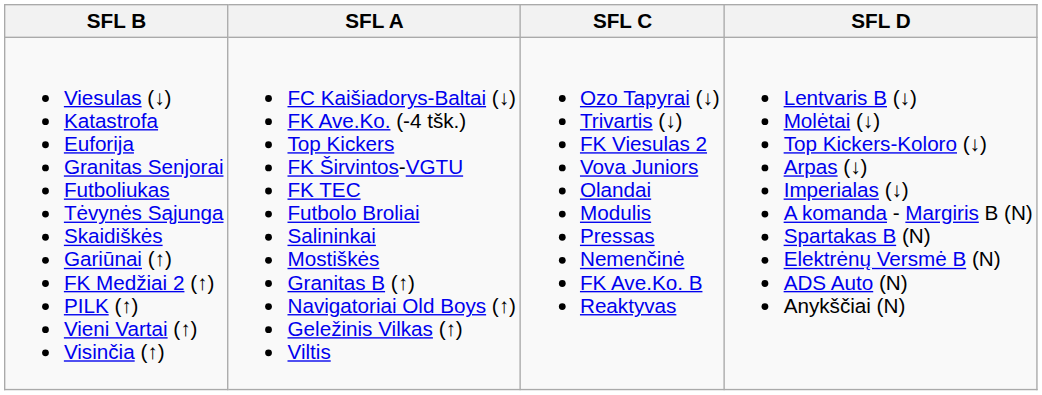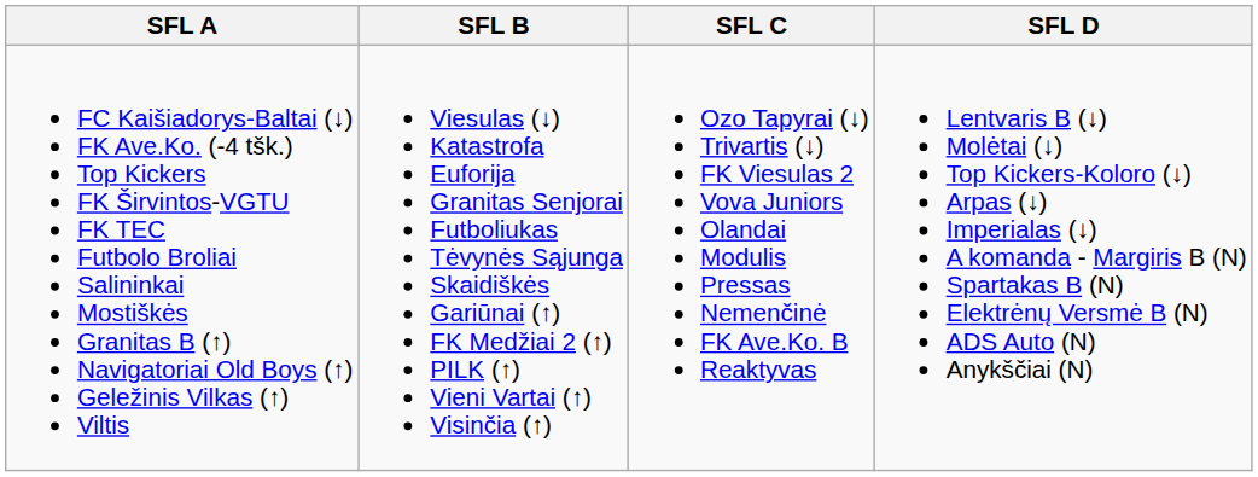 <table class='wikitable' style="font-size:95%;">
 <tr>
+<th>SFL A</th>
 <th>SFL B</th>
-<th>SFL A</th>
 <th>SFL C</th>
 <th>SFL D</th>
 </tr>
 <tr>
+<td style="vertical-align: text-top"><br><ul><li><a href='#'>FC Kaišiadorys-Baltai</a> (↓)</li><li><a href='#'>FK Ave.Ko.</a> (-4 tšk.)</li><li><a href='#'>Top Kickers</a></li><li><a href='#'>FK Širvintos</a>-<a href='#'>VGTU</a></li><li><a href='#'>FK TEC</a></li><li><a href='#'>Futbolo Broliai</a></li><li><a href='#'>Salininkai</a></li><li><a href='#'>Mostiškės</a></li><li><a href='#'>Granitas B</a> (↑)</li><li><a href='#'>Navigatoriai Old Boys</a> (↑)</li><li><a href='#'>Geležinis Vilkas</a> (↑)</li><li><a href='#'>Viltis</a></li></ul></td>
 <td style="vertical-align: text-top"><br><ul><li><a href='#'>Viesulas</a> (↓)</li><li><a href='#'>Katastrofa</a></li><li><a href='#'>Euforija</a></li><li><a href='#'>Granitas Senjorai</a></li><li><a href='#'>Futboliukas</a></li><li><a href='#'>Tėvynės Sąjunga</a></li><li><a href='#'>Skaidiškės</a></li><li><a href='#'>Gariūnai</a> (↑)</li><li><a href='#'>FK Medžiai 2</a> (↑)</li><li><a href='#'>PILK</a> (↑)</li><li><a href='#'>Vieni Vartai</a> (↑)</li><li><a href='#'>Visinčia</a> (↑)</li></ul></td>
-<td style="vertical-align: text-top"><br><ul><li><a href='#'>FC Kaišiadorys-Baltai</a> (↓)</li><li><a href='#'>FK Ave.Ko.</a> (-4 tšk.)</li><li><a href='#'>Top Kickers</a></li><li><a href='#'>FK Širvintos</a>-<a href='#'>VGTU</a></li><li><a href='#'>FK TEC</a></li><li><a href='#'>Futbolo Broliai</a></li><li><a href='#'>Salininkai</a></li><li><a href='#'>Mostiškės</a></li><li><a href='#'>Granitas B</a> (↑)</li><li><a href='#'>Navigatoriai Old Boys</a> (↑)</li><li><a href='#'>Geležinis Vilkas</a> (↑)</li><li><a href='#'>Viltis</a></li></ul></td>
 <td style="vertical-align: text-top"><br><ul><li><a href='#'>Ozo Tapyrai</a> (↓)</li><li><a href='#'>Trivartis</a> (↓)</li><li><a href='#'>FK Viesulas 2</a></li><li><a href='#'>Vova Juniors</a></li><li><a href='#'>Olandai</a></li><li><a href='#'>Modulis</a></li><li><a href='#'>Pressas</a></li><li><a href='#'>Nemenčinė</a></li><li><a href='#'>FK Ave.Ko. B</a></li><li><a href='#'>Reaktyvas</a></li></ul></td>
 <td style="vertical-align: text-top"><br><ul><li><a href='#'>Lentvaris B</a> (↓)</li><li><a href='#'>Molėtai</a> (↓)</li><li><a href='#'>Top Kickers-Koloro</a> (↓)</li><li><a href='#'>Arpas</a> (↓)</li><li><a href='#'>Imperialas</a> (↓)</li><li><a href='#'>A komanda</a> - <a href='#'>Margiris</a> B (N)</li><li><a href='#'>Spartakas B</a> (N)</li><li><a href='#'>Elektrėnų Versmė B</a> (N)</li><li><a href='#'>ADS Auto</a> (N)</li><li>Anykščiai (N)</li></ul></td>
 </tr>
 </table>
